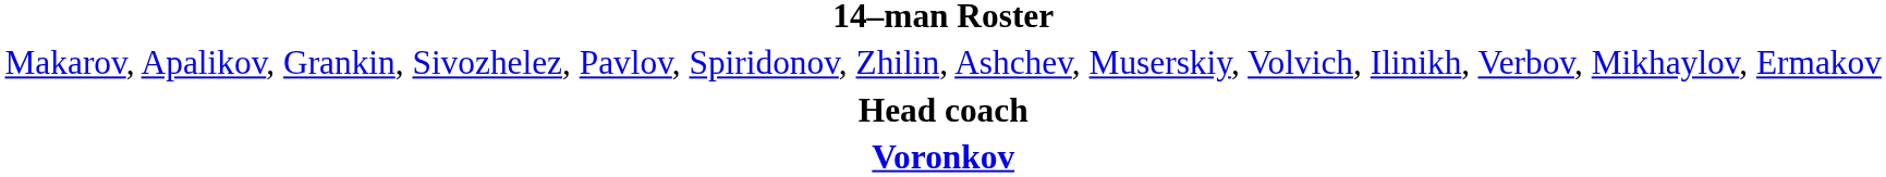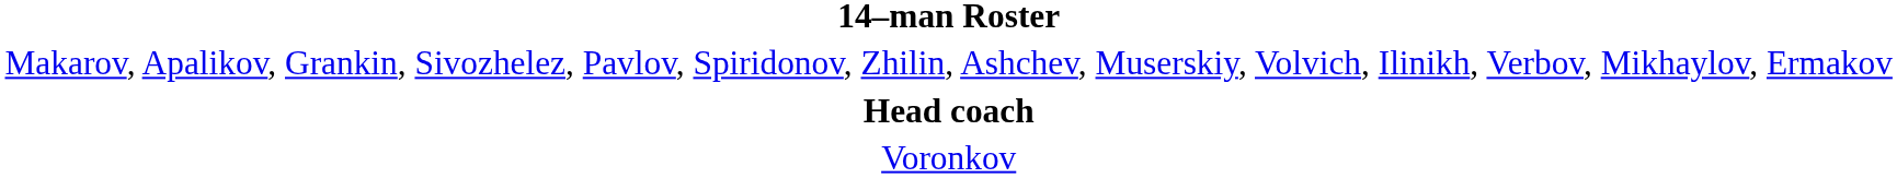 <table style="text-align: center; margin-top: 2em; margin-left: auto; margin-right: auto">
 <tr>
 <td><strong>14–man Roster</strong></td>
 </tr>
 <tr>
 <td><a href='#'>Makarov</a>, <a href='#'>Apalikov</a>, <a href='#'>Grankin</a>, <a href='#'>Sivozhelez</a>, <a href='#'>Pavlov</a>, <a href='#'>Spiridonov</a>, <a href='#'>Zhilin</a>, <a href='#'>Ashchev</a>, <a href='#'>Muserskiy</a>, <a href='#'>Volvich</a>, <a href='#'>Ilinikh</a>, <a href='#'>Verbov</a>, <a href='#'>Mikhaylov</a>, <a href='#'>Ermakov</a></td>
 </tr>
 <tr>
 <td><strong>Head coach</strong></td>
 </tr>
 <tr>
-<td><strong><a href='#'>Voronkov</a></strong></td>
+<td><a href='#'>Voronkov</a></td>
 </tr>
 </table>
